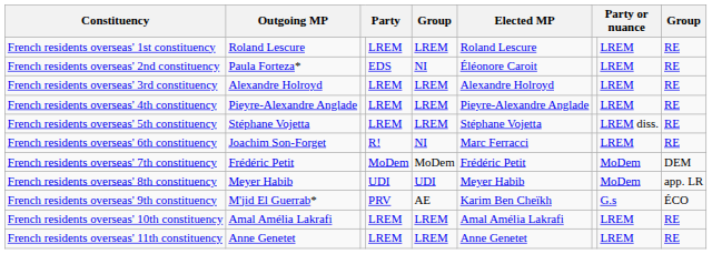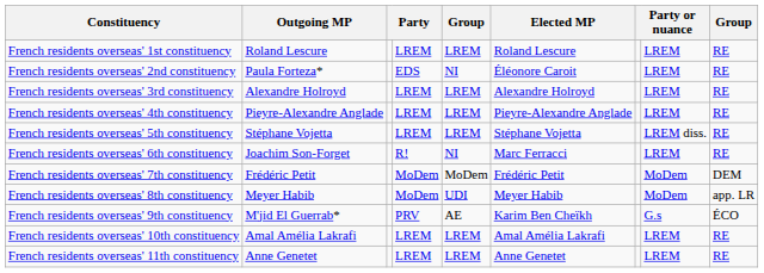 <table class="wikitable">
 <tr>
 <th>Constituency</th>
 <th>Outgoing MP</th>
 <th colspan="2">Party</th>
 <th>Group</th>
 <th>Elected MP</th>
 <th colspan="2">Party or<br>nuance</th>
 <th>Group</th>
 </tr>
 <tr>
 <td><a href='#'>French residents overseas' 1st constituency</a></td>
 <td><a href='#'>Roland Lescure</a></td>
 <td style="color:inherit;background-color: "></td>
 <td><a href='#'>LREM</a></td>
 <td><a href='#'>LREM</a></td>
 <td><a href='#'>Roland Lescure</a></td>
 <td style="color:inherit;background-color: "></td>
 <td><a href='#'>LREM</a></td>
 <td><a href='#'>RE</a></td>
 </tr>
 <tr>
 <td><a href='#'>French residents overseas' 2nd constituency</a></td>
 <td><a href='#'>Paula Forteza</a>*</td>
 <td style="color:inherit;background-color: "></td>
 <td><a href='#'>EDS</a></td>
 <td><a href='#'>NI</a></td>
 <td><a href='#'>Éléonore Caroit</a></td>
 <td style="color:inherit;background-color: "></td>
 <td><a href='#'>LREM</a></td>
 <td><a href='#'>RE</a></td>
 </tr>
 <tr>
 <td><a href='#'>French residents overseas' 3rd constituency</a></td>
 <td><a href='#'>Alexandre Holroyd</a></td>
 <td style="color:inherit;background-color: "></td>
 <td><a href='#'>LREM</a></td>
 <td><a href='#'>LREM</a></td>
 <td><a href='#'>Alexandre Holroyd</a></td>
 <td style="color:inherit;background-color: "></td>
 <td><a href='#'>LREM</a></td>
 <td><a href='#'>RE</a></td>
 </tr>
 <tr>
 <td><a href='#'>French residents overseas' 4th constituency</a></td>
 <td><a href='#'>Pieyre-Alexandre Anglade</a></td>
 <td style="color:inherit;background-color: "></td>
 <td><a href='#'>LREM</a></td>
 <td><a href='#'>LREM</a></td>
 <td><a href='#'>Pieyre-Alexandre Anglade</a></td>
 <td style="color:inherit;background-color: "></td>
 <td><a href='#'>LREM</a></td>
 <td><a href='#'>RE</a></td>
 </tr>
 <tr>
 <td><a href='#'>French residents overseas' 5th constituency</a></td>
 <td><a href='#'>Stéphane Vojetta</a></td>
 <td style="color:inherit;background-color: "></td>
 <td><a href='#'>LREM</a></td>
 <td><a href='#'>LREM</a></td>
 <td><a href='#'>Stéphane Vojetta</a></td>
 <td style="color:inherit;background-color: "></td>
 <td><a href='#'>LREM</a> diss.</td>
 <td><a href='#'>RE</a></td>
 </tr>
 <tr>
 <td><a href='#'>French residents overseas' 6th constituency</a></td>
 <td><a href='#'>Joachim Son-Forget</a></td>
 <td style="color:inherit;background-color:"></td>
 <td><a href='#'>R!</a></td>
 <td><a href='#'>NI</a></td>
 <td><a href='#'>Marc Ferracci</a></td>
 <td style="color:inherit;background-color: "></td>
 <td><a href='#'>LREM</a></td>
 <td><a href='#'>RE</a></td>
 </tr>
 <tr>
 <td><a href='#'>French residents overseas' 7th constituency</a></td>
 <td><a href='#'>Frédéric Petit</a></td>
 <td style="color:inherit;background-color: "></td>
 <td><a href='#'>MoDem</a></td>
 <td>MoDem</td>
 <td><a href='#'>Frédéric Petit</a></td>
 <td style="color:inherit;background-color: "></td>
 <td><a href='#'>MoDem</a></td>
 <td>DEM</td>
 </tr>
 <tr>
 <td><a href='#'>French residents overseas' 8th constituency</a></td>
 <td><a href='#'>Meyer Habib</a></td>
 <td style="color:inherit;background-color: "></td>
-<td><a href='#'>UDI</a></td>
+<td><a href='#'>MoDem</a></td>
 <td><a href='#'>UDI</a></td>
 <td><a href='#'>Meyer Habib</a></td>
 <td style="color:inherit;background-color: "></td>
 <td><a href='#'>MoDem</a></td>
 <td><abbr>app.</abbr> LR</td>
 </tr>
 <tr>
 <td><a href='#'>French residents overseas' 9th constituency</a></td>
 <td><a href='#'>M'jid El Guerrab</a>*</td>
 <td></td>
 <td><a href='#'>PRV</a></td>
 <td>AE</td>
 <td><a href='#'>Karim Ben Cheïkh</a></td>
 <td style="color:inherit;background-color: "></td>
 <td><a href='#'>G.s</a></td>
 <td>ÉCO</td>
 </tr>
 <tr>
 <td><a href='#'>French residents overseas' 10th constituency</a></td>
 <td><a href='#'>Amal Amélia Lakrafi</a></td>
 <td style="color:inherit;background-color: "></td>
 <td><a href='#'>LREM</a></td>
 <td><a href='#'>LREM</a></td>
 <td><a href='#'>Amal Amélia Lakrafi</a></td>
 <td style="color:inherit;background-color: "></td>
 <td><a href='#'>LREM</a></td>
 <td><a href='#'>RE</a></td>
 </tr>
 <tr>
 <td><a href='#'>French residents overseas' 11th constituency</a></td>
 <td><a href='#'>Anne Genetet</a></td>
 <td style="color:inherit;background-color: "></td>
 <td><a href='#'>LREM</a></td>
 <td><a href='#'>LREM</a></td>
 <td><a href='#'>Anne Genetet</a></td>
 <td style="color:inherit;background-color: "></td>
 <td><a href='#'>LREM</a></td>
 <td><a href='#'>RE</a></td>
 </tr>
 </table>
